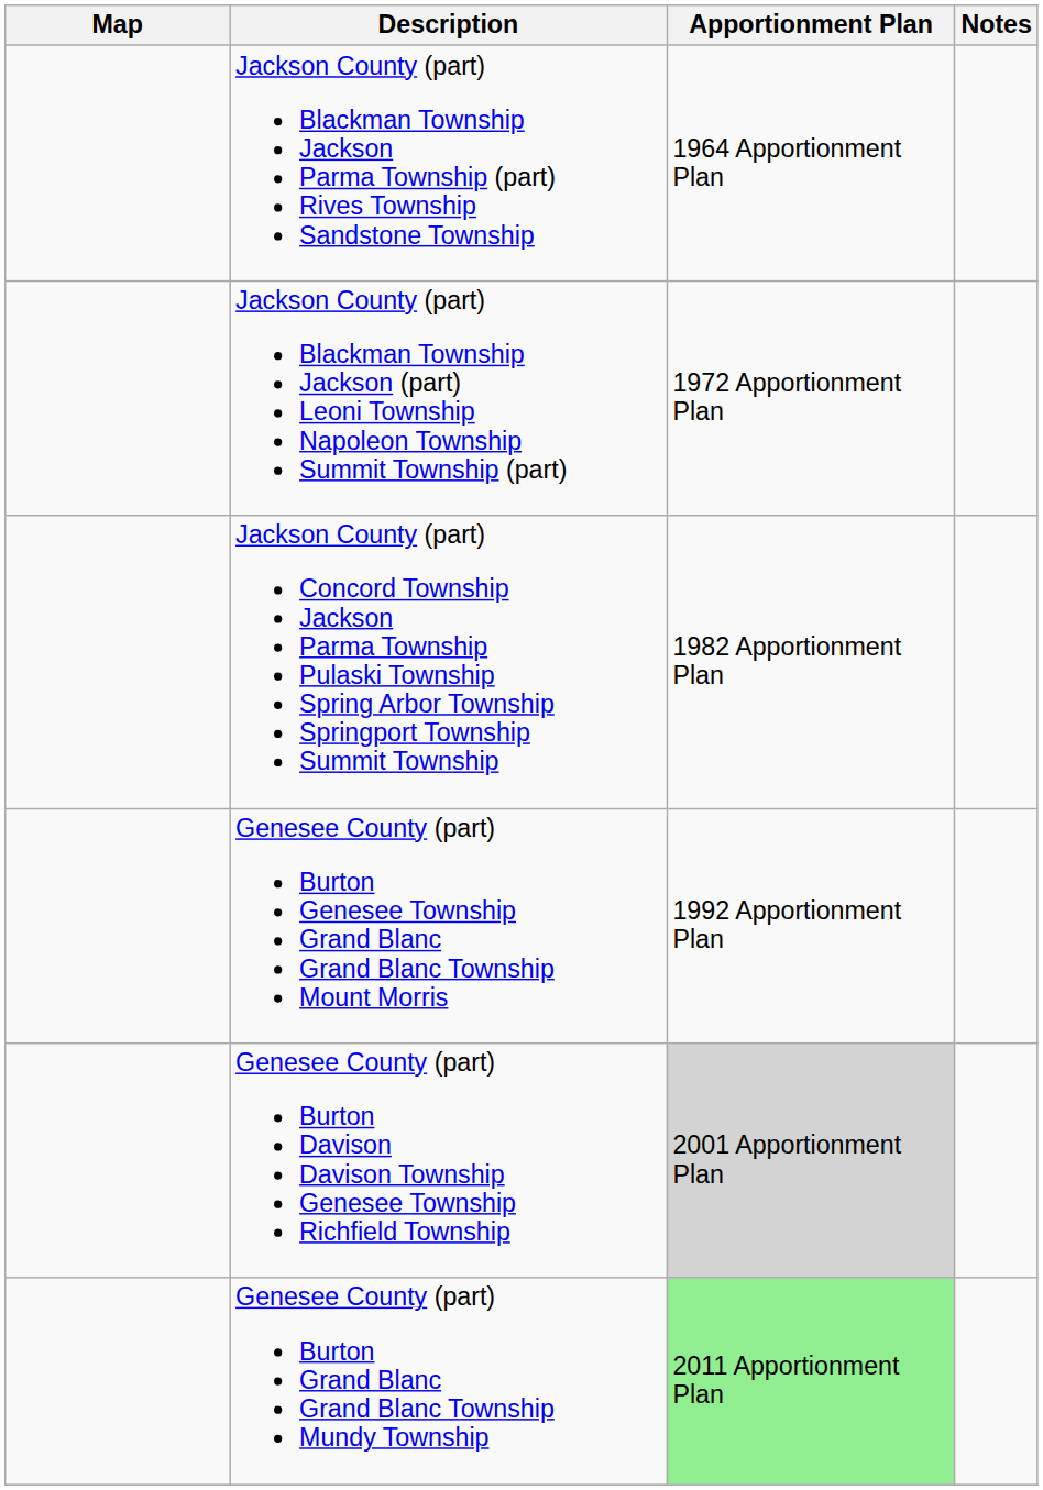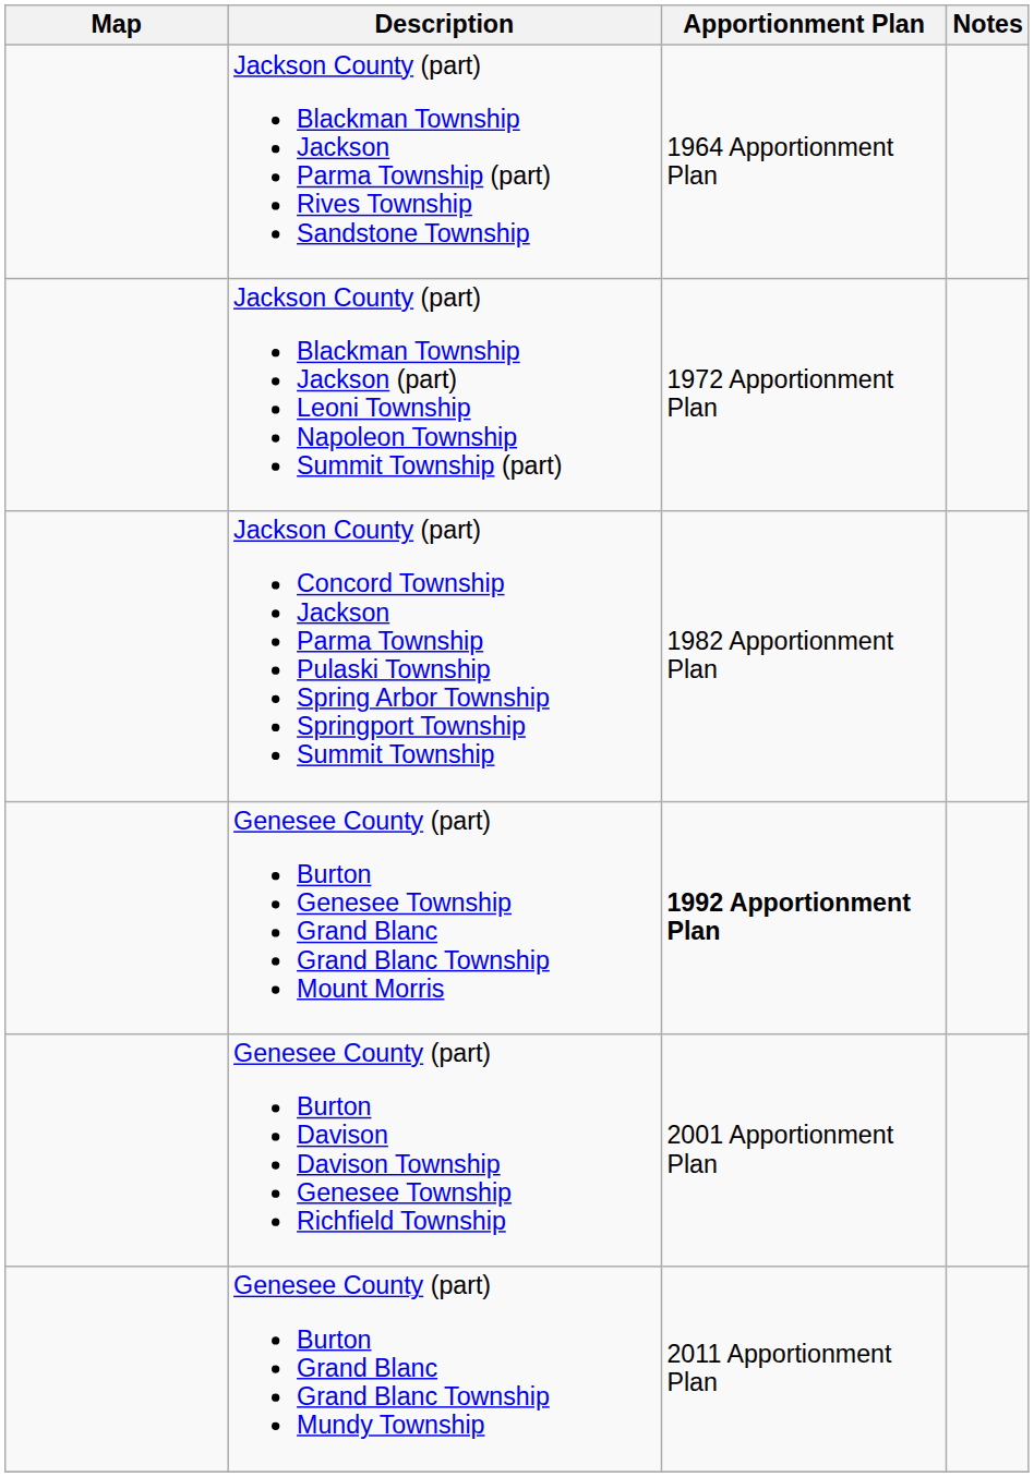 <table class="wikitable sortable">
 <tr>
 <th style="width:100pt;">Map</th>
 <th style="width:200pt;">Description</th>
 <th style="width:130pt;">Apportionment Plan</th>
 <th style="width:15pt;">Notes</th>
 </tr>
 <tr>
 <td></td>
 <td><a href='#'>Jackson County</a> (part)<br><ul><li><a href='#'>Blackman Township</a></li><li><a href='#'>Jackson</a></li><li><a href='#'>Parma Township</a> (part)</li><li><a href='#'>Rives Township</a></li><li><a href='#'>Sandstone Township</a></li></ul></td>
 <td>1964 Apportionment Plan</td>
 <td></td>
 </tr>
 <tr>
 <td></td>
 <td><a href='#'>Jackson County</a> (part)<br><ul><li><a href='#'>Blackman Township</a></li><li><a href='#'>Jackson</a> (part)</li><li><a href='#'>Leoni Township</a></li><li><a href='#'>Napoleon Township</a></li><li><a href='#'>Summit Township</a> (part)</li></ul></td>
 <td>1972 Apportionment Plan</td>
 <td></td>
 </tr>
 <tr>
 <td></td>
 <td><a href='#'>Jackson County</a> (part)<br><ul><li><a href='#'>Concord Township</a></li><li><a href='#'>Jackson</a></li><li><a href='#'>Parma Township</a></li><li><a href='#'>Pulaski Township</a></li><li><a href='#'>Spring Arbor Township</a></li><li><a href='#'>Springport Township</a></li><li><a href='#'>Summit Township</a></li></ul></td>
 <td>1982 Apportionment Plan</td>
 <td></td>
 </tr>
 <tr>
 <td></td>
 <td><a href='#'>Genesee County</a> (part)<br><ul><li><a href='#'>Burton</a></li><li><a href='#'>Genesee Township</a></li><li><a href='#'>Grand Blanc</a></li><li><a href='#'>Grand Blanc Township</a></li><li><a href='#'>Mount Morris</a></li></ul></td>
-<td>1992 Apportionment Plan</td>
+<td><strong>1992 Apportionment Plan</strong></td>
 <td></td>
 </tr>
 <tr>
 <td></td>
 <td><a href='#'>Genesee County</a> (part)<br><ul><li><a href='#'>Burton</a></li><li><a href='#'>Davison</a></li><li><a href='#'>Davison Township</a></li><li><a href='#'>Genesee Township</a></li><li><a href='#'>Richfield Township</a></li></ul></td>
-<td style="background: lightgrey;">2001 Apportionment Plan</td>
+<td>2001 Apportionment Plan</td>
 <td></td>
 </tr>
 <tr>
 <td></td>
 <td><a href='#'>Genesee County</a> (part)<br><ul><li><a href='#'>Burton</a></li><li><a href='#'>Grand Blanc</a></li><li><a href='#'>Grand Blanc Township</a></li><li><a href='#'>Mundy Township</a></li></ul></td>
-<td style="background: lightgreen;">2011 Apportionment Plan</td>
+<td>2011 Apportionment Plan</td>
 <td></td>
 </tr>
 <tr>
 </tr>
 </table>
